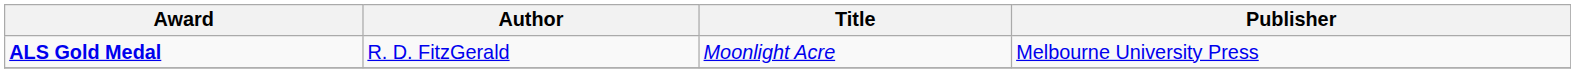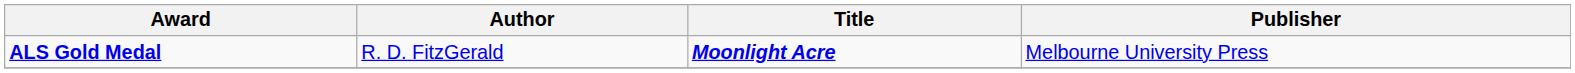 <table class="wikitable" width=100%>
 <tr>
 <th>Award</th>
 <th>Author</th>
 <th>Title</th>
 <th>Publisher</th>
 </tr>
 <tr>
 <td><strong><a href='#'>ALS Gold Medal</a></strong></td>
 <td><a href='#'>R. D. FitzGerald</a></td>
-<td><em><a href='#'>Moonlight Acre</a></em></td>
+<td><strong><em><a href='#'>Moonlight Acre</a></em></strong></td>
 <td><a href='#'>Melbourne University Press</a></td>
 </tr>
 <tr>
 </tr>
 </table>
